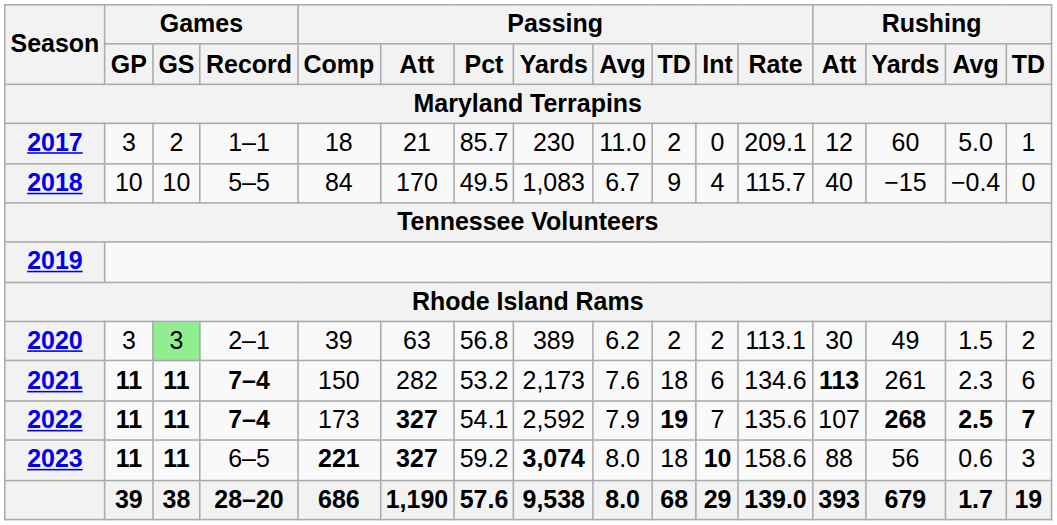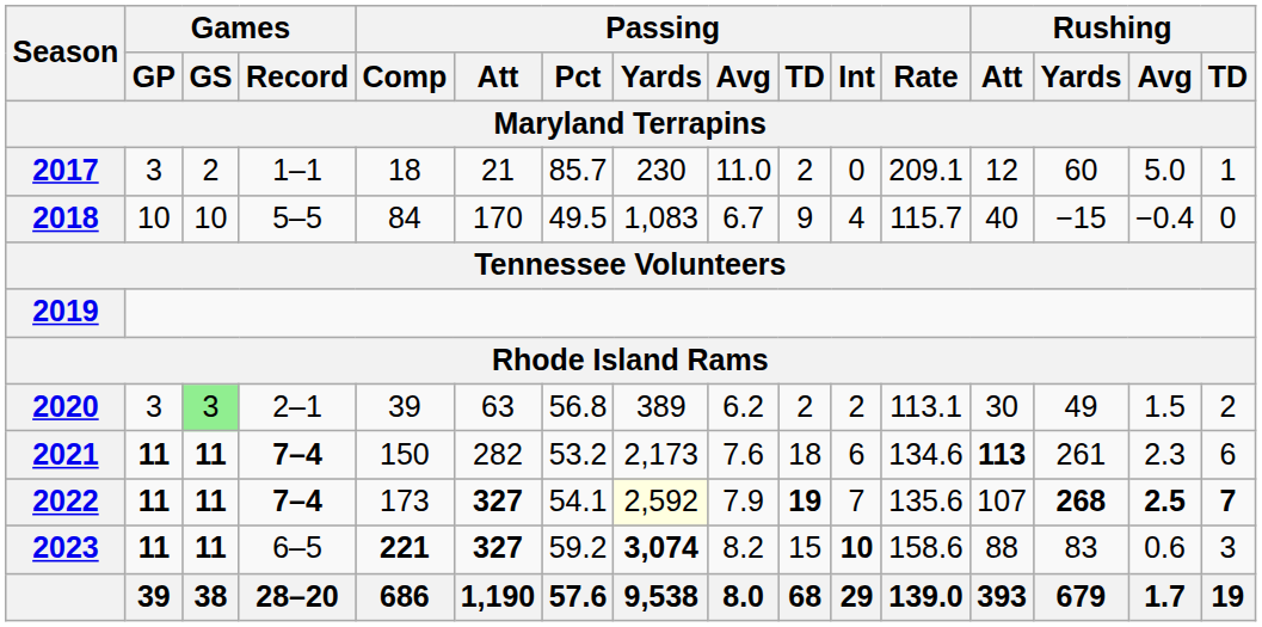 <table class="wikitable" style="text-align:center;">
 <tr>
 <th rowspan="2">Season</th>
 <th colspan="3">Games</th>
 <th colspan="8">Passing</th>
 <th colspan="4">Rushing</th>
 </tr>
 <tr>
 <th>GP</th>
 <th>GS</th>
 <th>Record</th>
 <th>Comp</th>
 <th>Att</th>
 <th>Pct</th>
 <th>Yards</th>
 <th>Avg</th>
 <th>TD</th>
 <th>Int</th>
 <th>Rate</th>
 <th>Att</th>
 <th>Yards</th>
 <th>Avg</th>
 <th>TD</th>
 </tr>
 <tr>
 <th colspan="16">Maryland Terrapins</th>
 </tr>
 <tr>
 <th><a href='#'>2017</a></th>
 <td>3</td>
 <td>2</td>
 <td>1–1</td>
 <td>18</td>
 <td>21</td>
 <td>85.7</td>
 <td>230</td>
 <td>11.0</td>
 <td>2</td>
 <td>0</td>
 <td>209.1</td>
 <td>12</td>
 <td>60</td>
 <td>5.0</td>
 <td>1</td>
 </tr>
 <tr>
 <th><a href='#'>2018</a></th>
 <td>10</td>
 <td>10</td>
 <td>5–5</td>
 <td>84</td>
 <td>170</td>
 <td>49.5</td>
 <td>1,083</td>
 <td>6.7</td>
 <td>9</td>
 <td>4</td>
 <td>115.7</td>
 <td>40</td>
 <td>−15</td>
 <td>−0.4</td>
 <td>0</td>
 </tr>
 <tr>
 <th colspan="16">Tennessee Volunteers</th>
 </tr>
 <tr>
 <th><a href='#'>2019</a></th>
 <td colspan="15"></td>
 </tr>
 <tr>
 <th colspan="16">Rhode Island Rams</th>
 </tr>
 <tr>
 <th><a href='#'>2020</a></th>
 <td>3</td>
 <td style="background: lightgreen;">3</td>
 <td>2–1</td>
 <td>39</td>
 <td>63</td>
 <td>56.8</td>
 <td>389</td>
 <td>6.2</td>
 <td>2</td>
 <td>2</td>
 <td>113.1</td>
 <td>30</td>
 <td>49</td>
 <td>1.5</td>
 <td>2</td>
 </tr>
 <tr>
 <th><a href='#'>2021</a></th>
 <td><strong>11</strong></td>
 <td><strong>11</strong></td>
 <td><strong>7–4</strong></td>
 <td>150</td>
 <td>282</td>
 <td>53.2</td>
 <td>2,173</td>
 <td>7.6</td>
 <td>18</td>
 <td>6</td>
 <td>134.6</td>
 <td><strong>113</strong></td>
 <td>261</td>
 <td>2.3</td>
 <td>6</td>
 </tr>
 <tr>
 <th><a href='#'>2022</a></th>
 <td><strong>11</strong></td>
 <td><strong>11</strong></td>
 <td><strong>7–4</strong></td>
 <td>173</td>
 <td><strong>327</strong></td>
 <td>54.1</td>
-<td>2,592</td>
+<td style="background: lightyellow;">2,592</td>
 <td>7.9</td>
 <td><strong>19</strong></td>
 <td>7</td>
 <td>135.6</td>
 <td>107</td>
 <td><strong>268</strong></td>
 <td><strong>2.5</strong></td>
 <td><strong>7</strong></td>
 </tr>
 <tr>
 <th><a href='#'>2023</a></th>
 <td><strong>11</strong></td>
 <td><strong>11</strong></td>
 <td>6–5</td>
 <td><strong>221</strong></td>
 <td><strong>327</strong></td>
 <td>59.2</td>
 <td><strong>3,074</strong></td>
-<td>8.0</td>
-<td>18</td>
+<td>8.2</td>
+<td>15</td>
 <td><strong>10</strong></td>
 <td>158.6</td>
 <td>88</td>
-<td>56</td>
+<td>83</td>
 <td>0.6</td>
 <td>3</td>
 </tr>
 <tr>
 <th></th>
 <th>39</th>
 <th>38</th>
 <th>28–20</th>
 <th>686</th>
 <th>1,190</th>
 <th>57.6</th>
 <th>9,538</th>
 <th>8.0</th>
 <th>68</th>
 <th>29</th>
 <th>139.0</th>
 <th>393</th>
 <th>679</th>
 <th>1.7</th>
 <th>19</th>
 </tr>
 </table>
